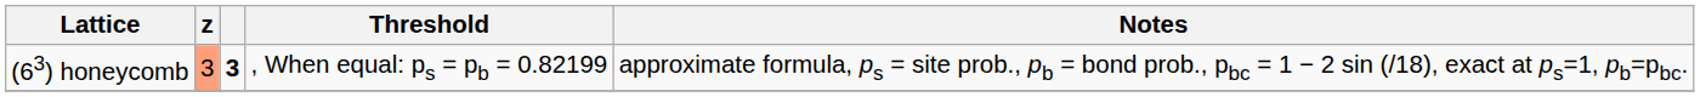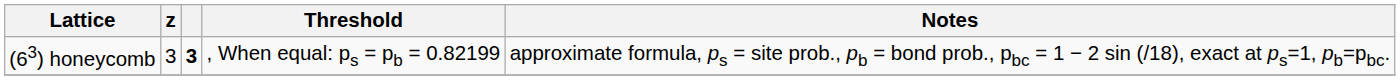 <table class="wikitable">
 <tr>
 <th>Lattice</th>
 <th>z</th>
 <th></th>
 <th>Threshold</th>
 <th>Notes</th>
 </tr>
 <tr>
 <td>(6<sup>3</sup>) honeycomb</td>
-<td style="background: lightsalmon;">3</td>
+<td>3</td>
 <td><strong>3</strong></td>
 <td>, When equal: p<sub>s</sub> = p<sub>b</sub> = 0.82199</td>
 <td>approximate formula, <em>p</em><sub>s</sub> = site prob., <em>p</em><sub>b</sub> = bond prob., p<sub>bc</sub> = 1 − 2 sin (/18), exact at <em>p</em><sub>s</sub>=1, <em>p</em><sub>b</sub>=p<sub>bc</sub>.</td>
 </tr>
 <tr>
 </tr>
 </table>
